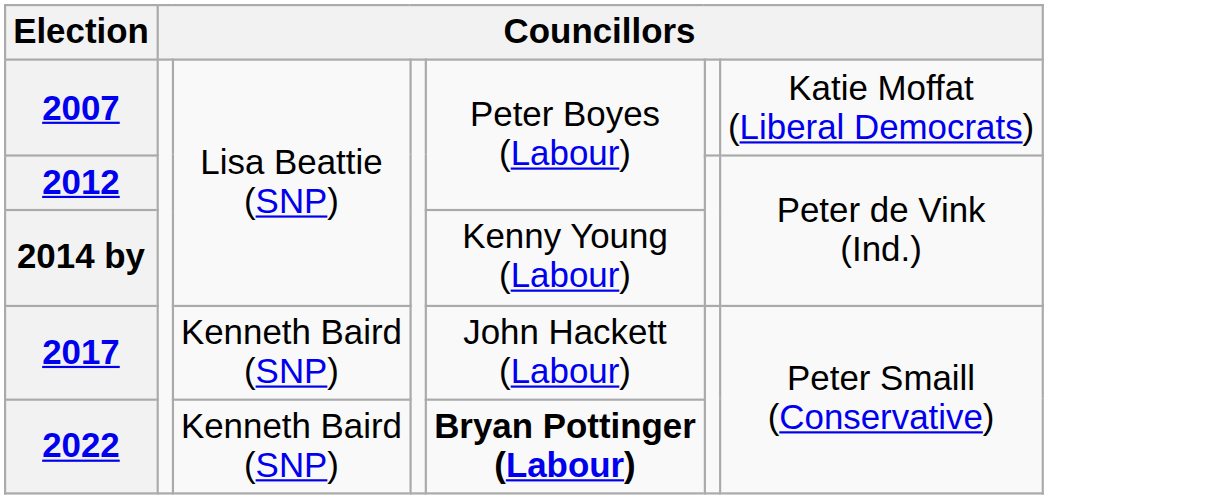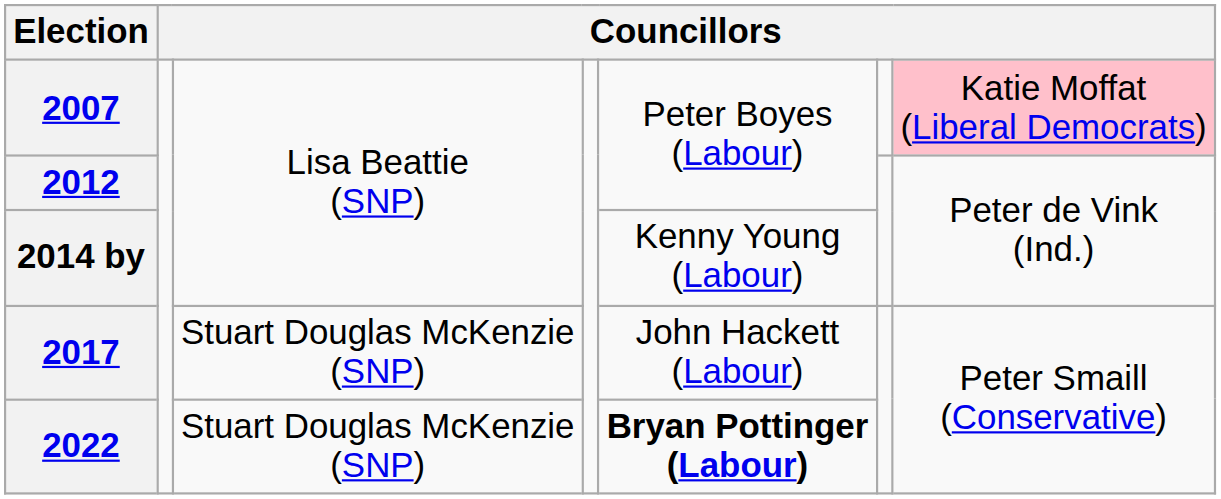 <table class="wikitable" style="text-align:center">
 <tr>
 <th>Election</th>
 <th colspan=8>Councillors</th>
 </tr>
 <tr>
 <th><a href='#'>2007</a></th>
 <td rowspan=5; style="background-color: "></td>
 <td rowspan=3>Lisa Beattie<br>(<a href='#'>SNP</a>)</td>
 <td rowspan=5; style="background-color: "></td>
 <td rowspan=2>Peter Boyes<br>(<a href='#'>Labour</a>)</td>
 <td rowspan=1; style="background-color: "></td>
-<td>Katie Moffat<br>(<a href='#'>Liberal Democrats</a>)</td>
+<td style="background: pink;">Katie Moffat<br>(<a href='#'>Liberal Democrats</a>)</td>
 </tr>
 <tr>
 <th><a href='#'>2012</a></th>
 <td rowspan=2; style="background-color: "></td>
 <td rowspan=2>Peter de Vink<br>(Ind.)</td>
 </tr>
 <tr>
 <th>2014 by</th>
 <td>Kenny Young<br>(<a href='#'>Labour</a>)</td>
 </tr>
 <tr>
 <th><a href='#'>2017</a></th>
-<td>Kenneth Baird<br>(<a href='#'>SNP</a>)</td>
+<td>Stuart Douglas McKenzie<br>(<a href='#'>SNP</a>)</td>
 <td>John Hackett<br>(<a href='#'>Labour</a>)</td>
 <td rowspan=2; style="background-color: "></td>
 <td rowspan=2>Peter Smaill<br>(<a href='#'>Conservative</a>)</td>
 </tr>
 <tr>
 <th><a href='#'>2022</a></th>
-<td>Kenneth Baird<br>(<a href='#'>SNP</a>)</td>
+<td>Stuart Douglas McKenzie<br>(<a href='#'>SNP</a>)</td>
 <td><strong>Bryan Pottinger<br>(<a href='#'>Labour</a>)</strong></td>
 </tr>
 </table>
